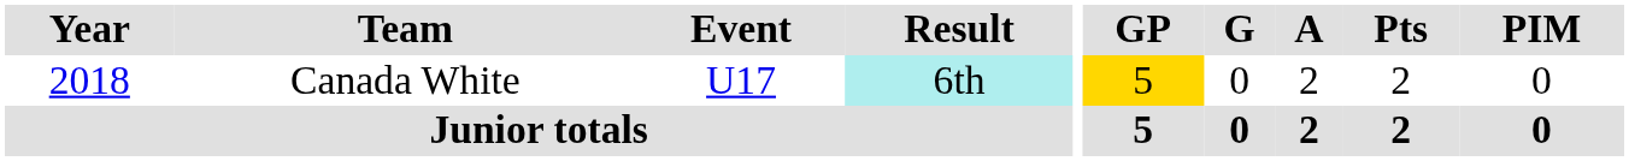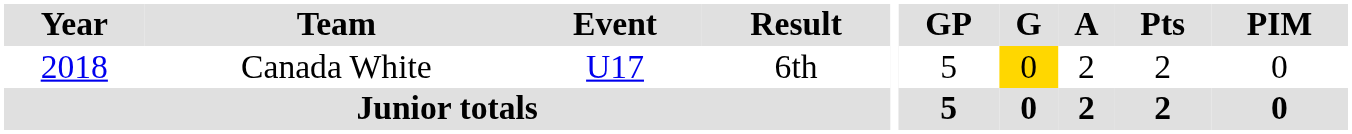 <table border="0" cellpadding="1" cellspacing="0" ID="Table3" style="text-align:center; width:40em">
 <tr bgcolor="#e0e0e0">
 <th>Year</th>
 <th>Team</th>
 <th>Event</th>
 <th>Result</th>
 <th rowspan="99" bgcolor="#ffffff"></th>
 <th>GP</th>
 <th>G</th>
 <th>A</th>
 <th>Pts</th>
 <th>PIM</th>
 </tr>
 <tr>
 <td><a href='#'>2018</a></td>
 <td>Canada White</td>
 <td><a href='#'>U17</a></td>
-<td style="background: paleturquoise;">6th</td>
-<td style="background: gold;">5</td>
-<td>0</td>
+<td>6th</td>
+<td>5</td>
+<td style="background: gold;">0</td>
 <td>2</td>
 <td>2</td>
 <td>0</td>
 </tr>
 <tr bgcolor="#e0e0e0">
 <th colspan="4">Junior totals</th>
 <th>5</th>
 <th>0</th>
 <th>2</th>
 <th>2</th>
 <th>0</th>
 </tr>
 </table>
